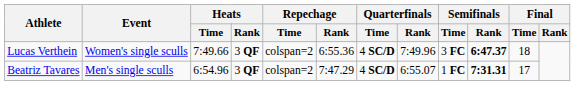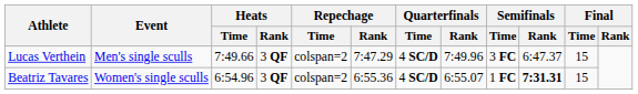 <table class=wikitable style=font-size:90%;text-align:center>
 <tr>
 <th rowspan=2>Athlete</th>
 <th rowspan=2>Event</th>
 <th colspan=2>Heats</th>
 <th colspan=2>Repechage</th>
 <th colspan=2>Quarterfinals</th>
 <th colspan=2>Semifinals</th>
 <th colspan=2>Final</th>
 </tr>
 <tr style=font-size:95%>
 <th>Time</th>
 <th>Rank</th>
 <th>Time</th>
 <th>Rank</th>
 <th>Time</th>
 <th>Rank</th>
 <th>Time</th>
 <th>Rank</th>
 <th>Time</th>
 <th>Rank</th>
 </tr>
 <tr>
 <td align=left><a href='#'>Lucas Verthein</a></td>
+<td align=left><a href='#'>Men's single sculls</a></td>
+<td>7:49.66</td>
+<td>3 <strong>QF</strong></td>
+<td>colspan=2</td>
+<td>7:47.29</td>
+<td>4 <strong>SC/D</strong></td>
+<td>7:49.96</td>
+<td>3 <strong>FC</strong></td>
+<td>6:47.37</td>
+<td>15</td>
+</tr>
+<tr>
+<td align=left><a href='#'>Beatriz Tavares</a></td>
 <td align=left><a href='#'>Women's single sculls</a></td>
-<td>7:49.66</td>
+<td>6:54.96</td>
 <td>3 <strong>QF</strong></td>
 <td>colspan=2</td>
 <td>6:55.36</td>
 <td>4 <strong>SC/D</strong></td>
-<td>7:49.96</td>
-<td>3 <strong>FC</strong></td>
-<td><strong>6:47.37</strong></td>
-<td>18</td>
-</tr>
-<tr>
-<td align=left><a href='#'>Beatriz Tavares</a></td>
-<td align=left><a href='#'>Men's single sculls</a></td>
-<td>6:54.96</td>
-<td>3 <strong>QF</strong></td>
-<td>colspan=2</td>
-<td>7:47.29</td>
-<td>4 <strong>SC/D</strong></td>
 <td>6:55.07</td>
 <td>1 <strong>FC</strong></td>
 <td><strong>7:31.31</strong></td>
-<td>17</td>
+<td>15</td>
 </tr>
 </table>
